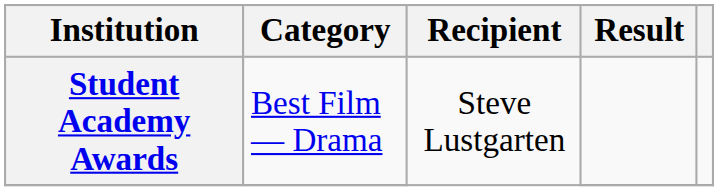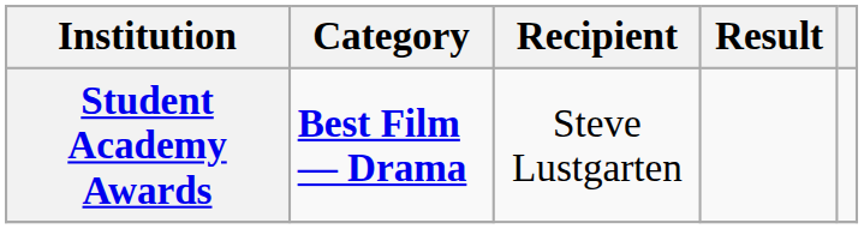 <table class="wikitable plainrowheaders" style="width:55%;">
 <tr>
 <th style="width:30%;">Institution</th>
 <th style="width:20%;">Category</th>
 <th style="width:20%;">Recipient</th>
 <th style="width:12%;">Result</th>
 <th style="width:1%;"></th>
 </tr>
 <tr>
 <th scope="row" style="text-align:center;"><a href='#'>Student Academy Awards</a></th>
-<td><a href='#'>Best Film — Drama</a></td>
+<td><strong><a href='#'>Best Film — Drama</a></strong></td>
 <td rowspan="2" style="text-align:center;">Steve Lustgarten</td>
 <td></td>
 <td style="text-align:center;"></td>
 </tr>
 <tr>
 </tr>
 </table>
